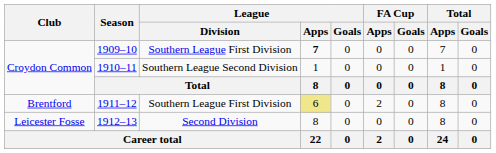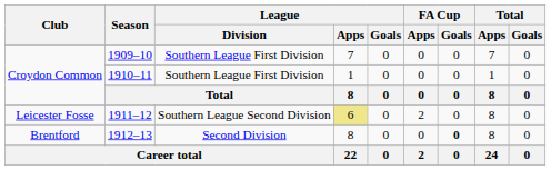 <table class="wikitable" style="text-align: center;">
 <tr>
 <th rowspan="2">Club</th>
 <th rowspan="2">Season</th>
 <th colspan="3">League</th>
 <th colspan="2">FA Cup</th>
 <th colspan="2">Total</th>
 </tr>
 <tr>
 <th>Division</th>
 <th>Apps</th>
 <th>Goals</th>
 <th>Apps</th>
 <th>Goals</th>
 <th>Apps</th>
 <th>Goals</th>
 </tr>
 <tr>
 <td rowspan="3"><a href='#'>Croydon Common</a></td>
 <td><a href='#'>1909–10</a></td>
 <td><a href='#'>Southern League</a> First Division</td>
-<td><strong>7</strong></td>
+<td>7</td>
 <td>0</td>
 <td>0</td>
 <td>0</td>
 <td>7</td>
 <td>0</td>
 </tr>
 <tr>
 <td><a href='#'>1910–11</a></td>
-<td>Southern League Second Division</td>
+<td>Southern League First Division</td>
 <td>1</td>
 <td>0</td>
 <td>0</td>
 <td>0</td>
 <td>1</td>
 <td>0</td>
 </tr>
 <tr>
 <th colspan="2">Total</th>
 <th>8</th>
 <th>0</th>
 <th>0</th>
 <th>0</th>
 <th>8</th>
 <th>0</th>
 </tr>
 <tr>
-<td><a href='#'>Brentford</a></td>
+<td><a href='#'>Leicester Fosse</a></td>
 <td><a href='#'>1911–12</a></td>
-<td>Southern League First Division</td>
+<td>Southern League Second Division</td>
 <td style="background: khaki;">6</td>
 <td>0</td>
 <td>2</td>
 <td>0</td>
 <td>8</td>
 <td>0</td>
 </tr>
 <tr>
-<td><a href='#'>Leicester Fosse</a></td>
+<td><a href='#'>Brentford</a></td>
 <td><a href='#'>1912–13</a></td>
 <td><a href='#'>Second Division</a></td>
 <td>8</td>
 <td>0</td>
 <td>0</td>
-<td>0</td>
+<td><strong>0</strong></td>
 <td>8</td>
 <td>0</td>
 </tr>
 <tr>
 <th colspan="3">Career total</th>
 <th>22</th>
 <th>0</th>
 <th>2</th>
 <th>0</th>
 <th>24</th>
 <th>0</th>
 </tr>
 </table>
